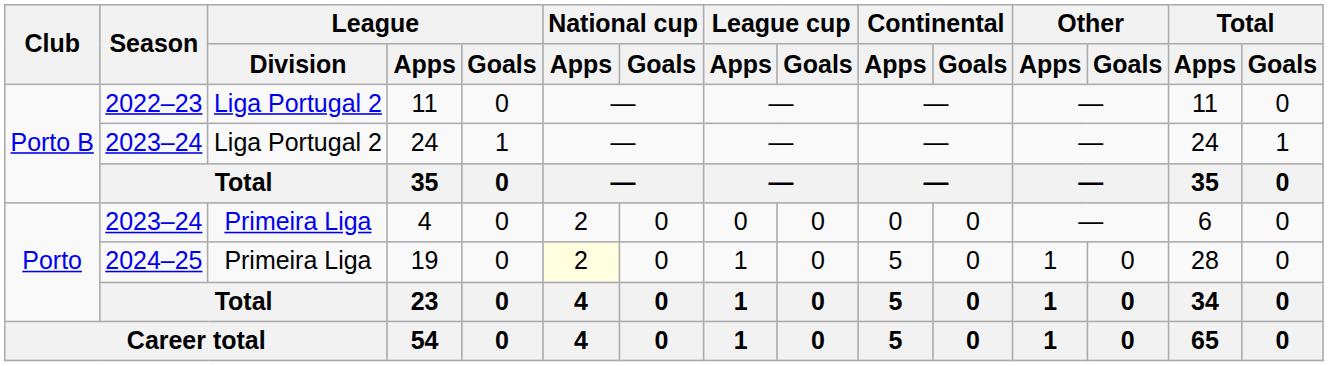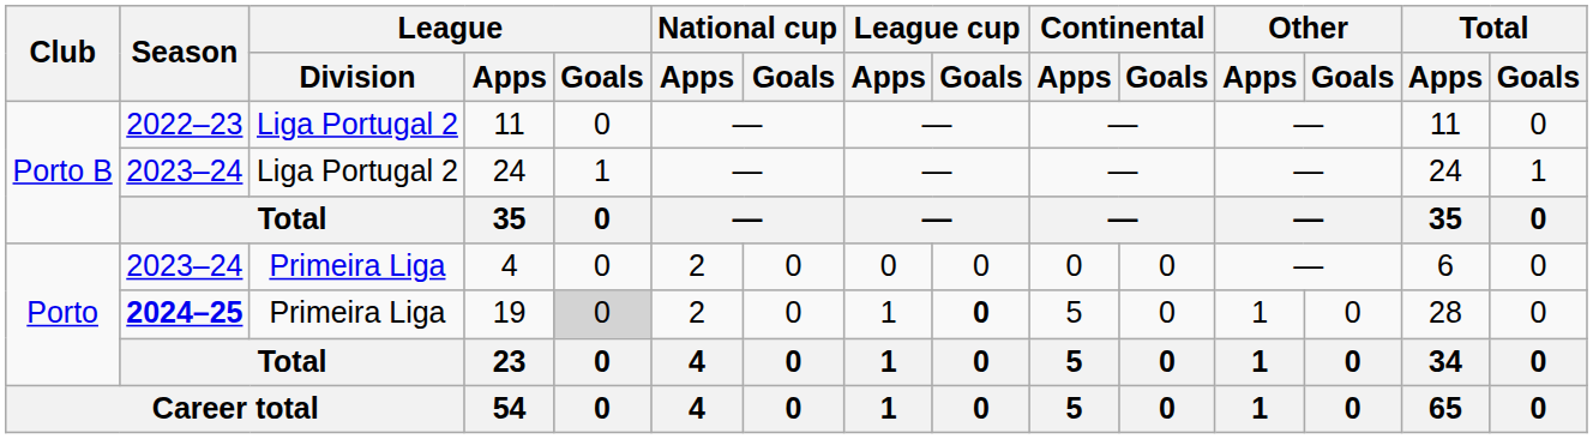 <table class="wikitable" style="text-align: center">
 <tr>
 <th rowspan="2">Club</th>
 <th rowspan="2">Season</th>
 <th colspan="3">League</th>
 <th colspan="2">National cup</th>
 <th colspan="2">League cup</th>
 <th colspan="2">Continental</th>
 <th colspan="2">Other</th>
 <th colspan="2">Total</th>
 </tr>
 <tr>
 <th>Division</th>
 <th>Apps</th>
 <th>Goals</th>
 <th>Apps</th>
 <th>Goals</th>
 <th>Apps</th>
 <th>Goals</th>
 <th>Apps</th>
 <th>Goals</th>
 <th>Apps</th>
 <th>Goals</th>
 <th>Apps</th>
 <th>Goals</th>
 </tr>
 <tr>
 <td rowspan="3"><a href='#'>Porto B</a></td>
 <td><a href='#'>2022–23</a></td>
 <td><a href='#'>Liga Portugal 2</a></td>
 <td>11</td>
 <td>0</td>
 <td colspan="2">—</td>
 <td colspan="2">—</td>
 <td colspan="2">—</td>
 <td colspan="2">—</td>
 <td>11</td>
 <td>0</td>
 </tr>
 <tr>
 <td><a href='#'>2023–24</a></td>
 <td>Liga Portugal 2</td>
 <td>24</td>
 <td>1</td>
 <td colspan="2">—</td>
 <td colspan="2">—</td>
 <td colspan="2">—</td>
 <td colspan="2">—</td>
 <td>24</td>
 <td>1</td>
 </tr>
 <tr>
 <th colspan="2">Total</th>
 <th>35</th>
 <th>0</th>
 <th colspan="2">—</th>
 <th colspan="2">—</th>
 <th colspan="2">—</th>
 <th colspan="2">—</th>
 <th>35</th>
 <th>0</th>
 </tr>
 <tr>
 <td rowspan="3"><a href='#'>Porto</a></td>
 <td><a href='#'>2023–24</a></td>
 <td><a href='#'>Primeira Liga</a></td>
 <td>4</td>
 <td>0</td>
 <td>2</td>
 <td>0</td>
 <td>0</td>
 <td>0</td>
 <td>0</td>
 <td>0</td>
 <td colspan="2">—</td>
 <td>6</td>
 <td>0</td>
 </tr>
 <tr>
-<td><a href='#'>2024–25</a></td>
+<td><strong><a href='#'>2024–25</a></strong></td>
 <td>Primeira Liga</td>
 <td>19</td>
-<td>0</td>
-<td style="background: lightyellow;">2</td>
+<td style="background: lightgrey;">0</td>
+<td>2</td>
 <td>0</td>
 <td>1</td>
-<td>0</td>
+<td><strong>0</strong></td>
 <td>5</td>
 <td>0</td>
 <td>1</td>
 <td>0</td>
 <td>28</td>
 <td>0</td>
 </tr>
 <tr>
 <th colspan="2">Total</th>
 <th>23</th>
 <th>0</th>
 <th>4</th>
 <th>0</th>
 <th>1</th>
 <th>0</th>
 <th>5</th>
 <th>0</th>
 <th>1</th>
 <th>0</th>
 <th>34</th>
 <th>0</th>
 </tr>
 <tr>
 <th colspan="3">Career total</th>
 <th>54</th>
 <th>0</th>
 <th>4</th>
 <th>0</th>
 <th>1</th>
 <th>0</th>
 <th>5</th>
 <th>0</th>
 <th>1</th>
 <th>0</th>
 <th>65</th>
 <th>0</th>
 </tr>
 </table>
